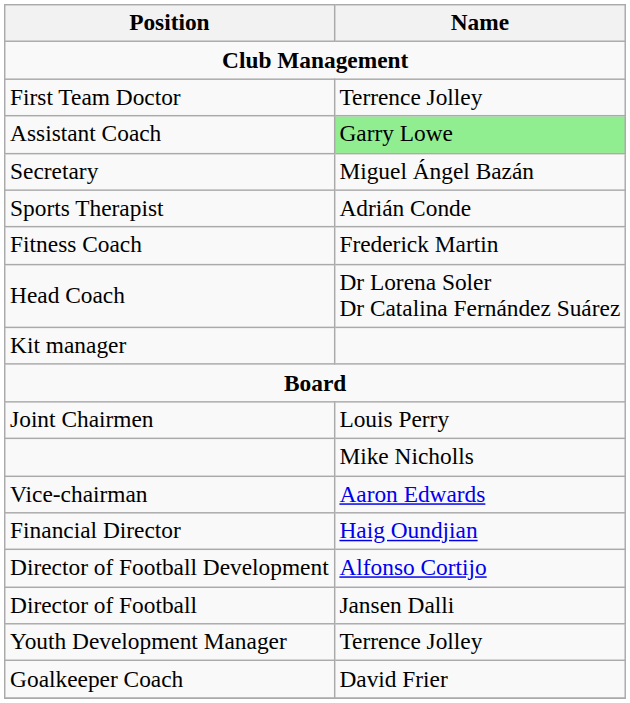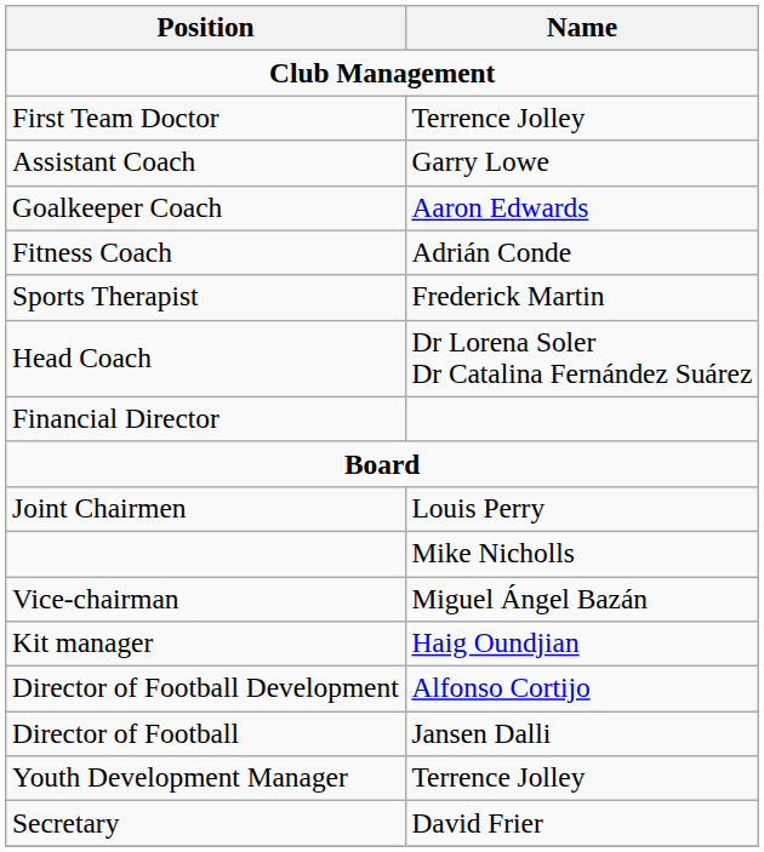 <table class="wikitable sortable" style="text-align:center;">
 <tr>
 <th>Position</th>
 <th>Name</th>
 </tr>
 <tr>
 <td colspan="2"><strong>Club Management</strong></td>
 </tr>
 <tr>
 <td align="left">First Team Doctor</td>
 <td align="left"> Terrence Jolley</td>
 </tr>
 <tr>
 <td align="left">Assistant Coach</td>
-<td align="left" style="background: lightgreen;"> Garry Lowe</td>
+<td align="left"> Garry Lowe</td>
 </tr>
 <tr>
-<td align="left">Secretary</td>
-<td align="left"> Miguel Ángel Bazán</td>
+<td align="left">Goalkeeper Coach</td>
+<td align="left"> <a href='#'>Aaron Edwards</a></td>
+</tr>
+<tr>
+<td align="left">Fitness Coach</td>
+<td align="left"> Adrián Conde</td>
 </tr>
 <tr>
 <td align="left">Sports Therapist</td>
-<td align="left"> Adrián Conde</td>
-</tr>
-<tr>
-<td align="left">Fitness Coach</td>
 <td align="left"> Frederick Martin</td>
 </tr>
 <tr>
 <td align="left">Head Coach</td>
 <td align="left"> Dr Lorena Soler<br> Dr Catalina Fernández Suárez</td>
 </tr>
 <tr>
-<td align="left">Kit manager</td>
+<td align="left">Financial Director</td>
 <td align="left"></td>
 </tr>
 <tr>
 <td colspan="2"><strong>Board</strong></td>
 </tr>
 <tr>
 <td align="left">Joint Chairmen</td>
 <td align="left"> Louis Perry</td>
 </tr>
 <tr>
 <td></td>
 <td align="left"> Mike Nicholls</td>
 </tr>
 <tr>
 <td align="left">Vice-chairman</td>
-<td align="left"> <a href='#'>Aaron Edwards</a></td>
+<td align="left"> Miguel Ángel Bazán</td>
 </tr>
 <tr>
-<td align="left">Financial Director</td>
+<td align="left">Kit manager</td>
 <td align="left"> <a href='#'>Haig Oundjian</a></td>
 </tr>
 <tr>
 <td align="left">Director of Football Development</td>
 <td align="left"> <a href='#'>Alfonso Cortijo</a></td>
 </tr>
 <tr>
 <td align="left">Director of Football</td>
 <td align="left"> Jansen Dalli</td>
 </tr>
 <tr>
 <td align="left">Youth Development Manager</td>
 <td align="left"> Terrence Jolley</td>
 </tr>
 <tr>
-<td align="left">Goalkeeper Coach</td>
+<td align="left">Secretary</td>
 <td align="left"> David Frier</td>
 </tr>
 <tr>
 </tr>
 </table>
